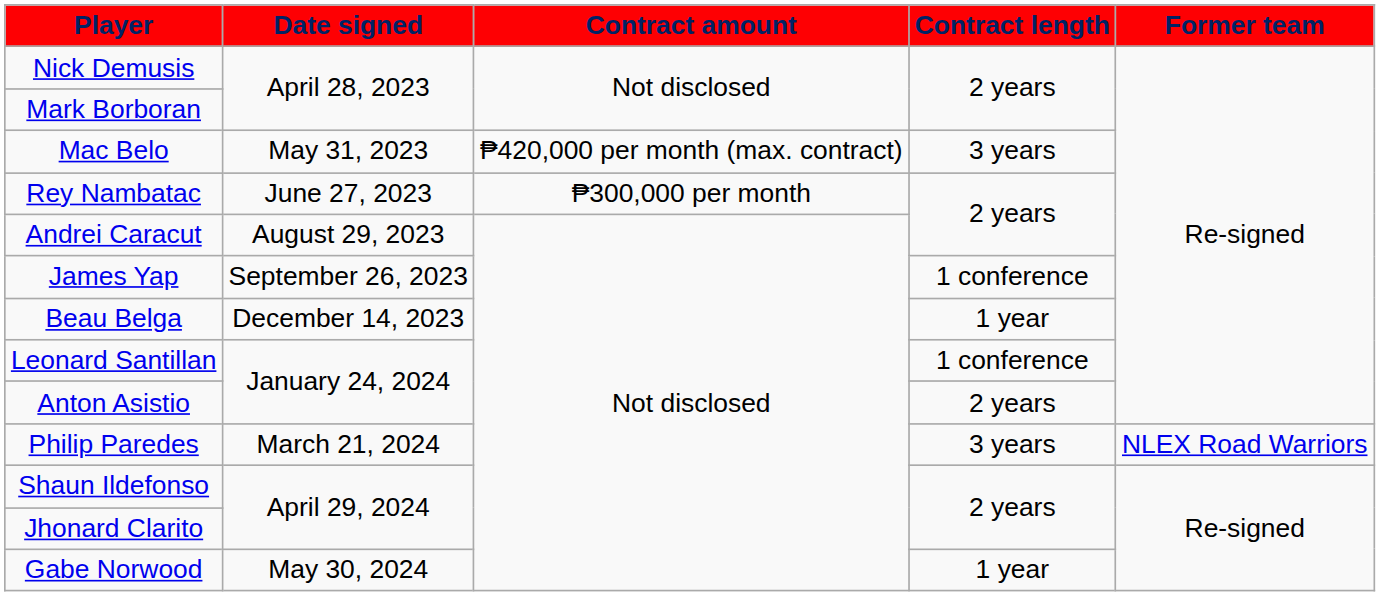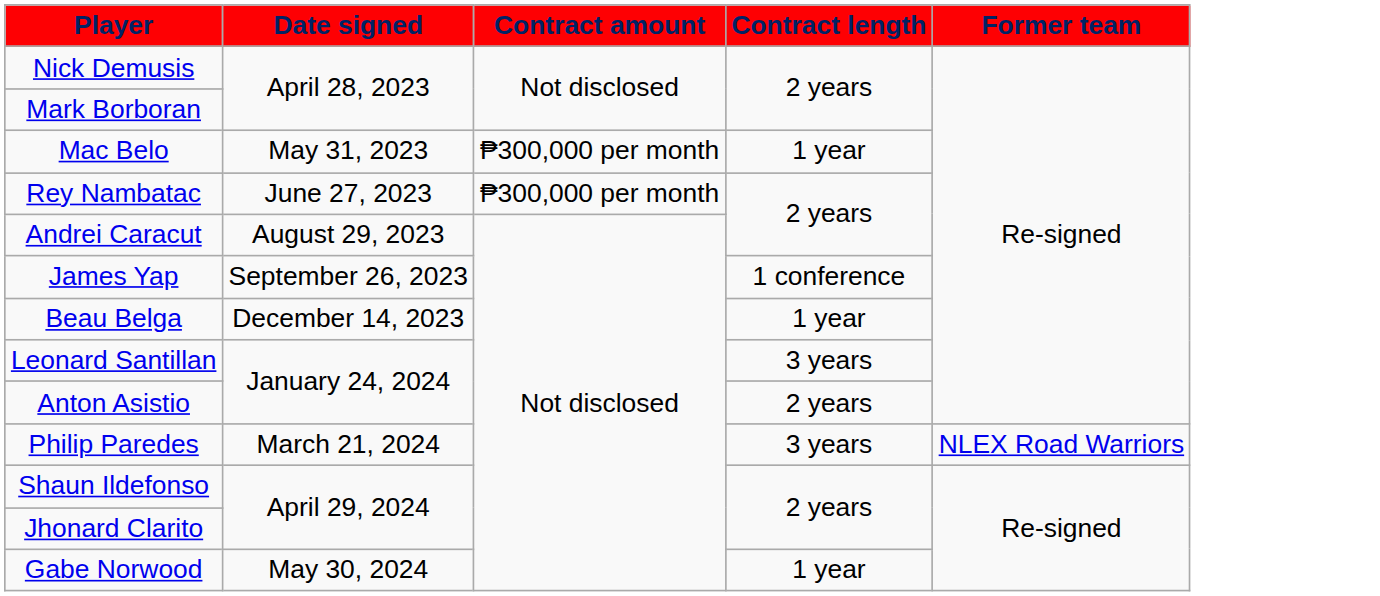 <table class="wikitable sortable sortable">
 <tr>
 <th style="background:#FE0003; color:#002366; ">Player</th>
 <th style="background:#FE0003; color:#002366; ">Date signed</th>
 <th style="background:#FE0003; color:#002366; ">Contract amount</th>
 <th style="background:#FE0003; color:#002366; ">Contract length</th>
 <th style="background:#FE0003; color:#002366; ">Former team</th>
 </tr>
 <tr>
 <td align=center><a href='#'>Nick Demusis</a></td>
 <td align=center rowspan=2>April 28, 2023</td>
 <td align=center rowspan=2>Not disclosed</td>
 <td align=center rowspan=2>2 years</td>
 <td align=center rowspan=9>Re-signed</td>
 </tr>
 <tr>
 <td align=center><a href='#'>Mark Borboran</a></td>
 </tr>
 <tr>
 <td align=center><a href='#'>Mac Belo</a></td>
 <td align=center>May 31, 2023</td>
-<td align=center>₱420,000 per month (max. contract)</td>
-<td align=center>3 years</td>
+<td align=center>₱300,000 per month</td>
+<td align=center>1 year</td>
 </tr>
 <tr>
 <td align=center><a href='#'>Rey Nambatac</a></td>
 <td align=center>June 27, 2023</td>
 <td align=center>₱300,000 per month</td>
 <td align=center rowspan=2>2 years</td>
 </tr>
 <tr>
 <td align=center><a href='#'>Andrei Caracut</a></td>
 <td align=center>August 29, 2023</td>
 <td align=center rowspan=9>Not disclosed</td>
 </tr>
 <tr>
 <td align=center><a href='#'>James Yap</a></td>
 <td align=center>September 26, 2023</td>
 <td align=center>1 conference</td>
 </tr>
 <tr>
 <td align=center><a href='#'>Beau Belga</a></td>
 <td align=center>December 14, 2023</td>
 <td align=center>1 year</td>
 </tr>
 <tr>
 <td align=center><a href='#'>Leonard Santillan</a></td>
 <td align=center rowspan=2>January 24, 2024</td>
-<td align=center>1 conference</td>
+<td align=center>3 years</td>
 </tr>
 <tr>
 <td align=center><a href='#'>Anton Asistio</a></td>
 <td align=center>2 years</td>
 </tr>
 <tr>
 <td align=center><a href='#'>Philip Paredes</a></td>
 <td align=center>March 21, 2024</td>
 <td align=center>3 years</td>
 <td align=center><a href='#'>NLEX Road Warriors</a></td>
 </tr>
 <tr>
 <td align=center><a href='#'>Shaun Ildefonso</a></td>
 <td align=center rowspan=2>April 29, 2024</td>
 <td align=center rowspan=2>2 years</td>
 <td align=center rowspan=3>Re-signed</td>
 </tr>
 <tr>
 <td align=center><a href='#'>Jhonard Clarito</a></td>
 </tr>
 <tr>
 <td align=center><a href='#'>Gabe Norwood</a></td>
 <td align=center>May 30, 2024</td>
 <td align=center>1 year</td>
 </tr>
 </table>
